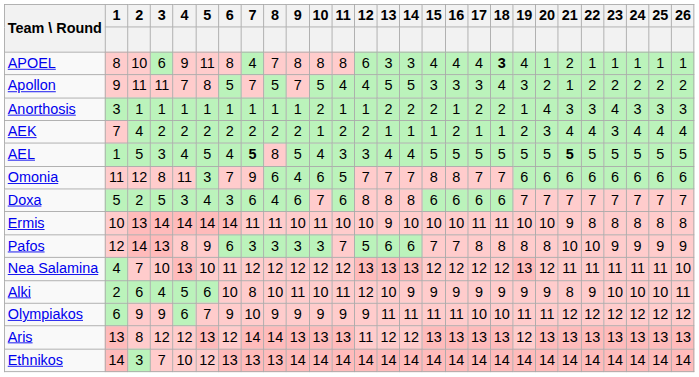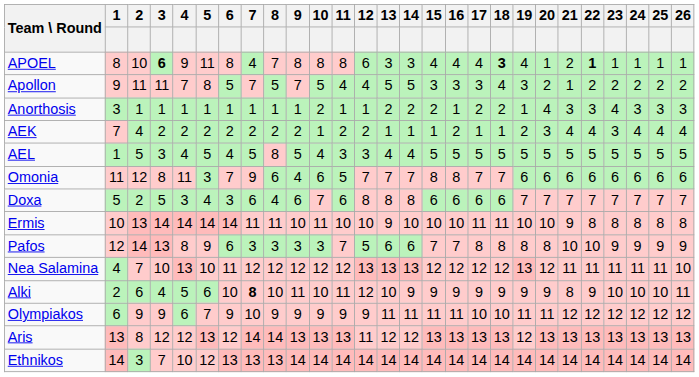 <table class="wikitable sortable" style="font-size: 100%; text-align:center;">
 <tr>
 <th rowspan="2">Team \ Round</th>
 <th align=center>1</th>
 <th align=center>2</th>
 <th align=center>3</th>
 <th align=center>4</th>
 <th align=center>5</th>
 <th align=center>6</th>
 <th align=center>7</th>
 <th align=center>8</th>
 <th align=center>9</th>
 <th align=center>10</th>
 <th align=center>11</th>
 <th align=center>12</th>
 <th align=center>13</th>
 <th align=center>14</th>
 <th align=center>15</th>
 <th align=center>16</th>
 <th align=center>17</th>
 <th align=center>18</th>
 <th align=center>19</th>
 <th align=center>20</th>
 <th align=center>21</th>
 <th align=center>22</th>
 <th align=center>23</th>
 <th align=center>24</th>
 <th align=center>25</th>
 <th align=center>26</th>
 </tr>
 <tr>
 <th style="text-align:center; height:20px;"></th>
 <th align=center></th>
 <th align=center></th>
 <th align=center></th>
 <th align=center></th>
 <th align=center></th>
 <th align=center></th>
 <th align=center></th>
 <th align=center></th>
 <th align=center></th>
 <th align=center></th>
 <th align=center></th>
 <th align=center></th>
 <th align=center></th>
 <th align=center></th>
 <th align=center></th>
 <th align=center></th>
 <th align=center></th>
 <th align=center></th>
 <th align=center></th>
 <th align=center></th>
 <th align=center></th>
 <th align=center></th>
 <th align=center></th>
 <th align=center></th>
 <th align=center></th>
 </tr>
 <tr align=center>
 <td align=left><a href='#'>APOEL</a></td>
 <td style="background:#FFCCCC">8</td>
 <td style="background:#FFCCCC">10</td>
-<td style="background:#BBF3BB">6</td>
+<td style="background:#BBF3BB"><strong>6</strong></td>
 <td style="background:#FFCCCC">9</td>
 <td style="background:#FFCCCC">11</td>
 <td style="background:#FFCCCC">8</td>
 <td style="background:#BBF3BB">4</td>
 <td style="background:#FFCCCC">7</td>
 <td style="background:#FFCCCC">8</td>
 <td style="background:#FFCCCC">8</td>
 <td style="background:#FFCCCC">8</td>
 <td style="background:#BBF3BB">6</td>
 <td style="background:#BBF3BB">3</td>
 <td style="background:#BBF3BB">3</td>
 <td style="background:#BBF3BB">4</td>
 <td style="background:#BBF3BB">4</td>
 <td style="background:#BBF3BB">4</td>
 <td style="background:#BBF3BB"><strong>3</strong></td>
 <td style="background:#BBF3BB">4</td>
 <td style="background:#BBF3BB">1</td>
 <td style="background:#BBF3BB">2</td>
-<td style="background:#BBF3BB">1</td>
+<td style="background:#BBF3BB"><strong>1</strong></td>
 <td style="background:#BBF3BB">1</td>
 <td style="background:#BBF3BB">1</td>
 <td style="background:#BBF3BB">1</td>
 <td style="background:#BBF3BB">1</td>
 </tr>
 <tr align=center>
 <td align=left><a href='#'>Apollon</a></td>
 <td style="background:#FFCCCC">9</td>
 <td style="background:#FFCCCC">11</td>
 <td style="background:#FFCCCC">11</td>
 <td style="background:#FFCCCC">7</td>
 <td style="background:#FFCCCC">8</td>
 <td style="background:#BBF3BB">5</td>
 <td style="background:#FFCCCC">7</td>
 <td style="background:#BBF3BB">5</td>
 <td style="background:#FFCCCC">7</td>
 <td style="background:#BBF3BB">5</td>
 <td style="background:#BBF3BB">4</td>
 <td style="background:#BBF3BB">4</td>
 <td style="background:#BBF3BB">5</td>
 <td style="background:#BBF3BB">5</td>
 <td style="background:#BBF3BB">3</td>
 <td style="background:#BBF3BB">3</td>
 <td style="background:#BBF3BB">3</td>
 <td style="background:#BBF3BB">4</td>
 <td style="background:#BBF3BB">3</td>
 <td style="background:#BBF3BB">2</td>
 <td style="background:#BBF3BB">1</td>
 <td style="background:#BBF3BB">2</td>
 <td style="background:#BBF3BB">2</td>
 <td style="background:#BBF3BB">2</td>
 <td style="background:#BBF3BB">2</td>
 <td style="background:#BBF3BB">2</td>
 </tr>
 <tr align=center>
 <td align=left><a href='#'>Anorthosis</a></td>
 <td style="background:#BBF3BB">3</td>
 <td style="background:#BBF3BB">1</td>
 <td style="background:#BBF3BB">1</td>
 <td style="background:#BBF3BB">1</td>
 <td style="background:#BBF3BB">1</td>
 <td style="background:#BBF3BB">1</td>
 <td style="background:#BBF3BB">1</td>
 <td style="background:#BBF3BB">1</td>
 <td style="background:#BBF3BB">1</td>
 <td style="background:#BBF3BB">2</td>
 <td style="background:#BBF3BB">1</td>
 <td style="background:#BBF3BB">1</td>
 <td style="background:#BBF3BB">2</td>
 <td style="background:#BBF3BB">2</td>
 <td style="background:#BBF3BB">2</td>
 <td style="background:#BBF3BB">1</td>
 <td style="background:#BBF3BB">2</td>
 <td style="background:#BBF3BB">2</td>
 <td style="background:#BBF3BB">1</td>
 <td style="background:#BBF3BB">4</td>
 <td style="background:#BBF3BB">3</td>
 <td style="background:#BBF3BB">3</td>
 <td style="background:#BBF3BB">4</td>
 <td style="background:#BBF3BB">3</td>
 <td style="background:#BBF3BB">3</td>
 <td style="background:#BBF3BB">3</td>
 </tr>
 <tr align=center>
 <td align=left><a href='#'>AEK</a></td>
 <td style="background:#FFCCCC">7</td>
 <td style="background:#BBF3BB">4</td>
 <td style="background:#BBF3BB">2</td>
 <td style="background:#BBF3BB">2</td>
 <td style="background:#BBF3BB">2</td>
 <td style="background:#BBF3BB">2</td>
 <td style="background:#BBF3BB">2</td>
 <td style="background:#BBF3BB">2</td>
 <td style="background:#BBF3BB">2</td>
 <td style="background:#BBF3BB">1</td>
 <td style="background:#BBF3BB">2</td>
 <td style="background:#BBF3BB">2</td>
 <td style="background:#BBF3BB">1</td>
 <td style="background:#BBF3BB">1</td>
 <td style="background:#BBF3BB">1</td>
 <td style="background:#BBF3BB">2</td>
 <td style="background:#BBF3BB">1</td>
 <td style="background:#BBF3BB">1</td>
 <td style="background:#BBF3BB">2</td>
 <td style="background:#BBF3BB">3</td>
 <td style="background:#BBF3BB">4</td>
 <td style="background:#BBF3BB">4</td>
 <td style="background:#BBF3BB">3</td>
 <td style="background:#BBF3BB">4</td>
 <td style="background:#BBF3BB">4</td>
 <td style="background:#BBF3BB">4</td>
 </tr>
 <tr align=center>
 <td align=left><a href='#'>AEL</a></td>
 <td style="background:#BBF3BB">1</td>
 <td style="background:#BBF3BB">5</td>
 <td style="background:#BBF3BB">3</td>
 <td style="background:#BBF3BB">4</td>
 <td style="background:#BBF3BB">5</td>
 <td style="background:#BBF3BB">4</td>
-<td style="background:#BBF3BB"><strong>5</strong></td>
+<td style="background:#BBF3BB">5</td>
 <td style="background:#FFCCCC">8</td>
 <td style="background:#BBF3BB">5</td>
 <td style="background:#BBF3BB">4</td>
 <td style="background:#BBF3BB">3</td>
 <td style="background:#BBF3BB">3</td>
 <td style="background:#BBF3BB">4</td>
 <td style="background:#BBF3BB">4</td>
 <td style="background:#BBF3BB">5</td>
 <td style="background:#BBF3BB">5</td>
 <td style="background:#BBF3BB">5</td>
 <td style="background:#BBF3BB">5</td>
 <td style="background:#BBF3BB">5</td>
 <td style="background:#BBF3BB">5</td>
-<td style="background:#BBF3BB"><strong>5</strong></td>
+<td style="background:#BBF3BB">5</td>
 <td style="background:#BBF3BB">5</td>
 <td style="background:#BBF3BB">5</td>
 <td style="background:#BBF3BB">5</td>
 <td style="background:#BBF3BB">5</td>
 <td style="background:#BBF3BB">5</td>
 </tr>
 <tr align=center>
 <td align=left><a href='#'>Omonia</a></td>
 <td style="background:#FFCCCC">11</td>
 <td style="background:#FFCCCC">12</td>
 <td style="background:#FFCCCC">8</td>
 <td style="background:#FFCCCC">11</td>
 <td style="background:#BBF3BB">3</td>
 <td style="background:#FFCCCC">7</td>
 <td style="background:#FFCCCC">9</td>
 <td style="background:#BBF3BB">6</td>
 <td style="background:#BBF3BB">4</td>
 <td style="background:#BBF3BB">6</td>
 <td style="background:#BBF3BB">5</td>
 <td style="background:#FFCCCC">7</td>
 <td style="background:#FFCCCC">7</td>
 <td style="background:#FFCCCC">7</td>
 <td style="background:#FFCCCC">8</td>
 <td style="background:#FFCCCC">8</td>
 <td style="background:#FFCCCC">7</td>
 <td style="background:#FFCCCC">7</td>
 <td style="background:#BBF3BB">6</td>
 <td style="background:#BBF3BB">6</td>
 <td style="background:#BBF3BB">6</td>
 <td style="background:#BBF3BB">6</td>
 <td style="background:#BBF3BB">6</td>
 <td style="background:#BBF3BB">6</td>
 <td style="background:#BBF3BB">6</td>
 <td style="background:#BBF3BB">6</td>
 </tr>
 <tr align=center>
 <td align=left><a href='#'>Doxa</a></td>
 <td style="background:#BBF3BB">5</td>
 <td style="background:#BBF3BB">2</td>
 <td style="background:#BBF3BB">5</td>
 <td style="background:#BBF3BB">3</td>
 <td style="background:#BBF3BB">4</td>
 <td style="background:#BBF3BB">3</td>
 <td style="background:#BBF3BB">6</td>
 <td style="background:#BBF3BB">4</td>
 <td style="background:#BBF3BB">6</td>
 <td style="background:#FFCCCC">7</td>
 <td style="background:#BBF3BB">6</td>
 <td style="background:#FFCCCC">8</td>
 <td style="background:#FFCCCC">8</td>
 <td style="background:#FFCCCC">8</td>
 <td style="background:#BBF3BB">6</td>
 <td style="background:#BBF3BB">6</td>
 <td style="background:#BBF3BB">6</td>
 <td style="background:#BBF3BB">6</td>
 <td style="background:#FFCCCC">7</td>
 <td style="background:#FFCCCC">7</td>
 <td style="background:#FFCCCC">7</td>
 <td style="background:#FFCCCC">7</td>
 <td style="background:#FFCCCC">7</td>
 <td style="background:#FFCCCC">7</td>
 <td style="background:#FFCCCC">7</td>
 <td style="background:#FFCCCC">7</td>
 </tr>
 <tr align=center>
 <td align=left><a href='#'>Ermis</a></td>
 <td style="background:#FFCCCC">10</td>
 <td style="background:#FFBBBB">13</td>
 <td style="background:#FFBBBB">14</td>
 <td style="background:#FFBBBB">14</td>
 <td style="background:#FFBBBB">14</td>
 <td style="background:#FFBBBB">14</td>
 <td style="background:#FFCCCC">11</td>
 <td style="background:#FFCCCC">11</td>
 <td style="background:#FFCCCC">10</td>
 <td style="background:#FFCCCC">11</td>
 <td style="background:#FFCCCC">10</td>
 <td style="background:#FFCCCC">10</td>
 <td style="background:#FFCCCC">9</td>
 <td style="background:#FFCCCC">10</td>
 <td style="background:#FFCCCC">10</td>
 <td style="background:#FFCCCC">10</td>
 <td style="background:#FFCCCC">11</td>
 <td style="background:#FFCCCC">11</td>
 <td style="background:#FFCCCC">10</td>
 <td style="background:#FFCCCC">10</td>
 <td style="background:#FFCCCC">9</td>
 <td style="background:#FFCCCC">8</td>
 <td style="background:#FFCCCC">8</td>
 <td style="background:#FFCCCC">8</td>
 <td style="background:#FFCCCC">8</td>
 <td style="background:#FFCCCC">8</td>
 </tr>
 <tr align=center>
 <td align=left><a href='#'>Pafos</a></td>
 <td style="background:#FFCCCC">12</td>
 <td style="background:#FFBBBB">14</td>
 <td style="background:#FFBBBB">13</td>
 <td style="background:#FFCCCC">8</td>
 <td style="background:#FFCCCC">9</td>
 <td style="background:#BBF3BB">6</td>
 <td style="background:#BBF3BB">3</td>
 <td style="background:#BBF3BB">3</td>
 <td style="background:#BBF3BB">3</td>
 <td style="background:#BBF3BB">3</td>
 <td style="background:#FFCCCC">7</td>
 <td style="background:#BBF3BB">5</td>
 <td style="background:#BBF3BB">6</td>
 <td style="background:#BBF3BB">6</td>
 <td style="background:#FFCCCC">7</td>
 <td style="background:#FFCCCC">7</td>
 <td style="background:#FFCCCC">8</td>
 <td style="background:#FFCCCC">8</td>
 <td style="background:#FFCCCC">8</td>
 <td style="background:#FFCCCC">8</td>
 <td style="background:#FFCCCC">10</td>
 <td style="background:#FFCCCC">10</td>
 <td style="background:#FFCCCC">9</td>
 <td style="background:#FFCCCC">9</td>
 <td style="background:#FFCCCC">9</td>
 <td style="background:#FFCCCC">9</td>
 </tr>
 <tr align=center>
 <td align=left><a href='#'>Nea Salamina</a></td>
 <td style="background:#BBF3BB">4</td>
 <td style="background:#FFCCCC">7</td>
 <td style="background:#FFCCCC">10</td>
 <td style="background:#FFBBBB">13</td>
 <td style="background:#FFCCCC">10</td>
 <td style="background:#FFCCCC">11</td>
 <td style="background:#FFCCCC">12</td>
 <td style="background:#FFCCCC">12</td>
 <td style="background:#FFCCCC">12</td>
 <td style="background:#FFCCCC">12</td>
 <td style="background:#FFCCCC">12</td>
 <td style="background:#FFBBBB">13</td>
 <td style="background:#FFBBBB">13</td>
 <td style="background:#FFBBBB">13</td>
 <td style="background:#FFCCCC">12</td>
 <td style="background:#FFCCCC">12</td>
 <td style="background:#FFCCCC">12</td>
 <td style="background:#FFCCCC">12</td>
 <td style="background:#FFBBBB">13</td>
 <td style="background:#FFCCCC">12</td>
 <td style="background:#FFCCCC">11</td>
 <td style="background:#FFCCCC">11</td>
 <td style="background:#FFCCCC">11</td>
 <td style="background:#FFCCCC">11</td>
 <td style="background:#FFCCCC">11</td>
 <td style="background:#FFCCCC">10</td>
 </tr>
 <tr align=center>
 <td align=left><a href='#'>Alki</a></td>
 <td style="background:#BBF3BB">2</td>
 <td style="background:#BBF3BB">6</td>
 <td style="background:#BBF3BB">4</td>
 <td style="background:#BBF3BB">5</td>
 <td style="background:#BBF3BB">6</td>
 <td style="background:#FFCCCC">10</td>
-<td style="background:#FFCCCC">8</td>
+<td style="background:#FFCCCC"><strong>8</strong></td>
 <td style="background:#FFCCCC">10</td>
 <td style="background:#FFCCCC">11</td>
 <td style="background:#FFCCCC">10</td>
 <td style="background:#FFCCCC">11</td>
 <td style="background:#FFCCCC">12</td>
 <td style="background:#FFCCCC">10</td>
 <td style="background:#FFCCCC">9</td>
 <td style="background:#FFCCCC">9</td>
 <td style="background:#FFCCCC">9</td>
 <td style="background:#FFCCCC">9</td>
 <td style="background:#FFCCCC">9</td>
 <td style="background:#FFCCCC">9</td>
 <td style="background:#FFCCCC">9</td>
 <td style="background:#FFCCCC">8</td>
 <td style="background:#FFCCCC">9</td>
 <td style="background:#FFCCCC">10</td>
 <td style="background:#FFCCCC">10</td>
 <td style="background:#FFCCCC">10</td>
 <td style="background:#FFCCCC">11</td>
 </tr>
 <tr align=center>
 <td align=left><a href='#'>Olympiakos</a></td>
 <td style="background:#BBF3BB">6</td>
 <td style="background:#FFCCCC">9</td>
 <td style="background:#FFCCCC">9</td>
 <td style="background:#BBF3BB">6</td>
 <td style="background:#FFCCCC">7</td>
 <td style="background:#FFCCCC">9</td>
 <td style="background:#FFCCCC">10</td>
 <td style="background:#FFCCCC">9</td>
 <td style="background:#FFCCCC">9</td>
 <td style="background:#FFCCCC">9</td>
 <td style="background:#FFCCCC">9</td>
 <td style="background:#FFCCCC">9</td>
 <td style="background:#FFCCCC">11</td>
 <td style="background:#FFCCCC">11</td>
 <td style="background:#FFCCCC">11</td>
 <td style="background:#FFCCCC">11</td>
 <td style="background:#FFCCCC">10</td>
 <td style="background:#FFCCCC">10</td>
 <td style="background:#FFCCCC">11</td>
 <td style="background:#FFCCCC">11</td>
 <td style="background:#FFCCCC">12</td>
 <td style="background:#FFCCCC">12</td>
 <td style="background:#FFCCCC">12</td>
 <td style="background:#FFCCCC">12</td>
 <td style="background:#FFCCCC">12</td>
 <td style="background:#FFCCCC">12</td>
 </tr>
 <tr align=center>
 <td align=left><a href='#'>Aris</a></td>
 <td style="background:#FFBBBB">13</td>
 <td style="background:#FFCCCC">8</td>
 <td style="background:#FFCCCC">12</td>
 <td style="background:#FFCCCC">12</td>
 <td style="background:#FFBBBB">13</td>
 <td style="background:#FFCCCC">12</td>
 <td style="background:#FFBBBB">14</td>
 <td style="background:#FFBBBB">14</td>
 <td style="background:#FFBBBB">13</td>
 <td style="background:#FFBBBB">13</td>
 <td style="background:#FFBBBB">13</td>
 <td style="background:#FFCCCC">11</td>
 <td style="background:#FFCCCC">12</td>
 <td style="background:#FFCCCC">12</td>
 <td style="background:#FFBBBB">13</td>
 <td style="background:#FFBBBB">13</td>
 <td style="background:#FFBBBB">13</td>
 <td style="background:#FFBBBB">13</td>
 <td style="background:#FFCCCC">12</td>
 <td style="background:#FFBBBB">13</td>
 <td style="background:#FFBBBB">13</td>
 <td style="background:#FFBBBB">13</td>
 <td style="background:#FFBBBB">13</td>
 <td style="background:#FFBBBB">13</td>
 <td style="background:#FFBBBB">13</td>
 <td style="background:#FFBBBB">13</td>
 </tr>
 <tr align=center>
 <td align=left><a href='#'>Ethnikos</a></td>
 <td style="background:#FFBBBB">14</td>
 <td style="background:#BBF3BB">3</td>
 <td style="background:#FFCCCC">7</td>
 <td style="background:#FFCCCC">10</td>
 <td style="background:#FFCCCC">12</td>
 <td style="background:#FFBBBB">13</td>
 <td style="background:#FFBBBB">13</td>
 <td style="background:#FFBBBB">13</td>
 <td style="background:#FFBBBB">14</td>
 <td style="background:#FFBBBB">14</td>
 <td style="background:#FFBBBB">14</td>
 <td style="background:#FFBBBB">14</td>
 <td style="background:#FFBBBB">14</td>
 <td style="background:#FFBBBB">14</td>
 <td style="background:#FFBBBB">14</td>
 <td style="background:#FFBBBB">14</td>
 <td style="background:#FFBBBB">14</td>
 <td style="background:#FFBBBB">14</td>
 <td style="background:#FFBBBB">14</td>
 <td style="background:#FFBBBB">14</td>
 <td style="background:#FFBBBB">14</td>
 <td style="background:#FFBBBB">14</td>
 <td style="background:#FFBBBB">14</td>
 <td style="background:#FFBBBB">14</td>
 <td style="background:#FFBBBB">14</td>
 <td style="background:#FFBBBB">14</td>
 </tr>
 </table>
